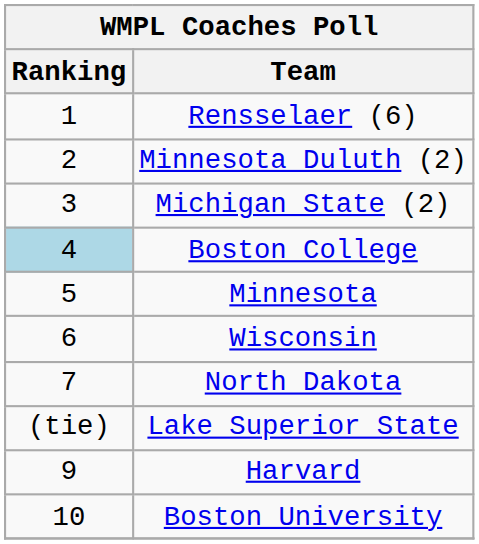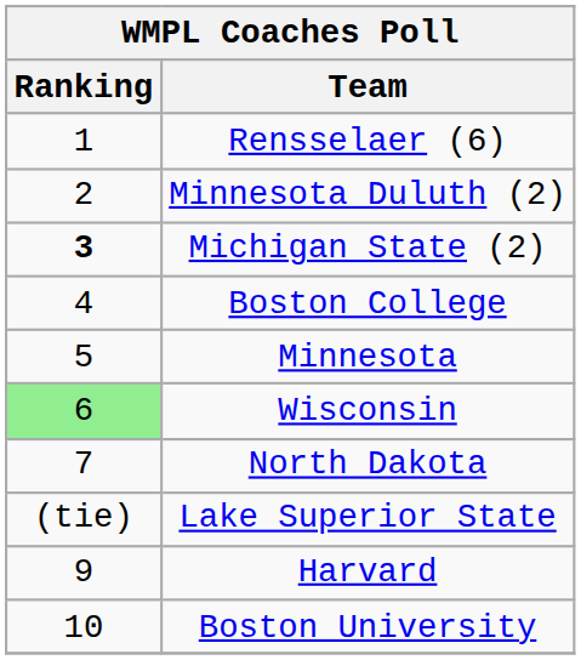 <table class="wikitable" style="text-align:center;">
 <tr>
 <th colspan=2><strong>WMPL Coaches Poll</strong></th>
 </tr>
 <tr>
 <th>Ranking</th>
 <th>Team</th>
 </tr>
 <tr>
 <td>1</td>
 <td><a href='#'>Rensselaer</a> (6)</td>
 </tr>
 <tr>
 <td>2</td>
 <td><a href='#'>Minnesota Duluth</a> (2)</td>
 </tr>
 <tr>
-<td>3</td>
+<td><strong>3</strong></td>
 <td><a href='#'>Michigan State</a> (2)</td>
 </tr>
 <tr>
-<td style="background: lightblue;">4</td>
+<td>4</td>
 <td><a href='#'>Boston College</a></td>
 </tr>
 <tr>
 <td>5</td>
 <td><a href='#'>Minnesota</a></td>
 </tr>
 <tr>
-<td>6</td>
+<td style="background: lightgreen;">6</td>
 <td><a href='#'>Wisconsin</a></td>
 </tr>
 <tr>
 <td>7</td>
 <td><a href='#'>North Dakota</a></td>
 </tr>
 <tr>
 <td>(tie)</td>
 <td><a href='#'>Lake Superior State</a></td>
 </tr>
 <tr>
 <td>9</td>
 <td><a href='#'>Harvard</a></td>
 </tr>
 <tr>
 <td>10</td>
 <td><a href='#'>Boston University</a></td>
 </tr>
 <tr>
 </tr>
 </table>
